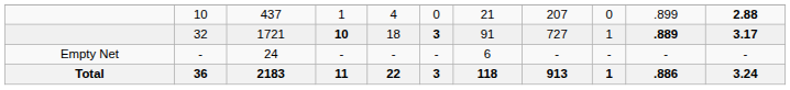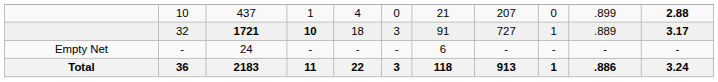 <table class="wikitable sortable" width ="1000">
 <tr align="center">
 </tr>
 <tr align="center" bgcolor="">
 <td></td>
 <td>10</td>
 <td>437</td>
 <td>1</td>
 <td>4</td>
 <td>0</td>
 <td>21</td>
 <td>207</td>
 <td>0</td>
 <td>.899</td>
 <td><strong>2.88</strong></td>
 </tr>
 <tr align="center" bgcolor="f0f0f0">
 <td></td>
 <td>32</td>
-<td>1721</td>
+<td><strong>1721</strong></td>
 <td><strong>10</strong></td>
 <td>18</td>
-<td><strong>3</strong></td>
+<td>3</td>
 <td>91</td>
 <td>727</td>
 <td>1</td>
-<td><strong>.889</strong></td>
+<td>.889</td>
 <td><strong>3.17</strong></td>
 </tr>
 <tr align="center" bgcolor="">
 <td>Empty Net</td>
 <td>-</td>
 <td>24</td>
 <td>-</td>
 <td>-</td>
 <td>-</td>
 <td>6</td>
 <td>-</td>
 <td>-</td>
 <td>-</td>
 <td>-</td>
 </tr>
 <tr>
 <th>Total</th>
 <th>36</th>
 <th>2183</th>
 <th>11</th>
 <th>22</th>
 <th>3</th>
 <th>118</th>
 <th>913</th>
 <th>1</th>
 <th>.886</th>
 <th>3.24</th>
 </tr>
 </table>
